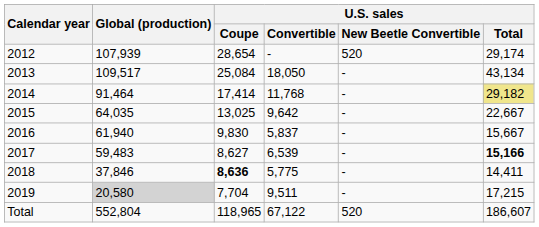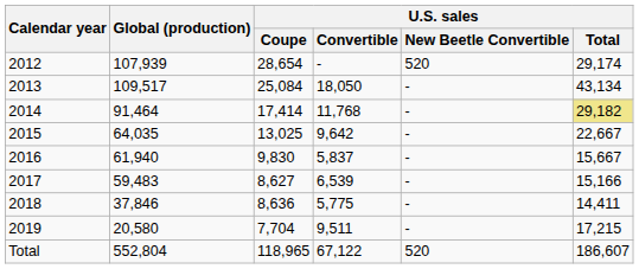 <table class="wikitable">
 <tr>
 <th rowspan="2">Calendar year</th>
 <th rowspan="2">Global (production)</th>
 <th colspan="4">U.S. sales</th>
 </tr>
 <tr>
 <th>Coupe</th>
 <th>Convertible</th>
 <th>New Beetle Convertible</th>
 <th>Total</th>
 </tr>
 <tr>
 <td>2012</td>
 <td>107,939</td>
 <td>28,654</td>
 <td>-</td>
 <td>520</td>
 <td>29,174</td>
 </tr>
 <tr>
 <td>2013</td>
 <td>109,517</td>
 <td>25,084</td>
 <td>18,050</td>
 <td>-</td>
 <td>43,134</td>
 </tr>
 <tr>
 <td>2014</td>
 <td>91,464</td>
 <td>17,414</td>
 <td>11,768</td>
 <td>-</td>
 <td style="background: khaki;">29,182</td>
 </tr>
 <tr>
 <td>2015</td>
 <td>64,035</td>
 <td>13,025</td>
 <td>9,642</td>
 <td>-</td>
 <td>22,667</td>
 </tr>
 <tr>
 <td>2016</td>
 <td>61,940</td>
 <td>9,830</td>
 <td>5,837</td>
 <td>-</td>
 <td>15,667</td>
 </tr>
 <tr>
 <td>2017</td>
 <td>59,483</td>
 <td>8,627</td>
 <td>6,539</td>
 <td>-</td>
-<td><strong>15,166</strong></td>
+<td>15,166</td>
 </tr>
 <tr>
 <td>2018</td>
 <td>37,846</td>
-<td><strong>8,636</strong></td>
+<td>8,636</td>
 <td>5,775</td>
 <td>-</td>
 <td>14,411</td>
 </tr>
 <tr>
 <td>2019</td>
-<td style="background: lightgrey;">20,580</td>
+<td>20,580</td>
 <td>7,704</td>
 <td>9,511</td>
 <td>-</td>
 <td>17,215</td>
 </tr>
 <tr>
 <td>Total</td>
 <td>552,804</td>
 <td>118,965</td>
 <td>67,122</td>
 <td>520</td>
 <td>186,607</td>
 </tr>
 </table>
